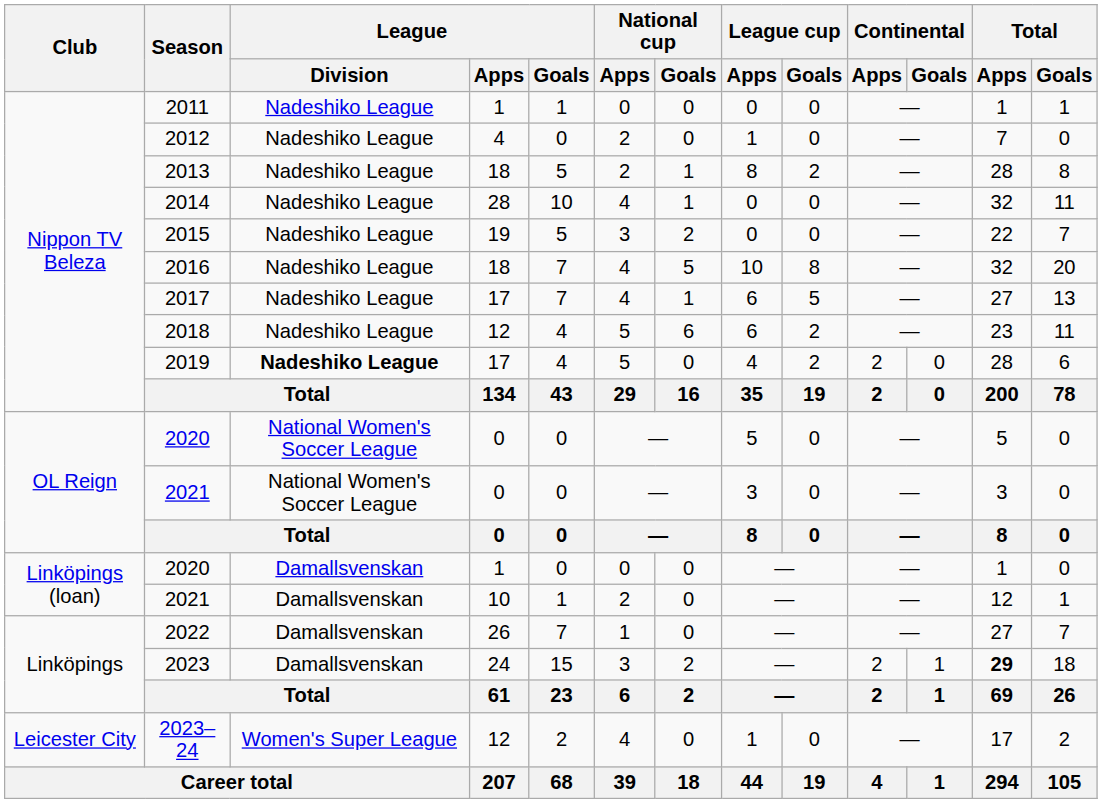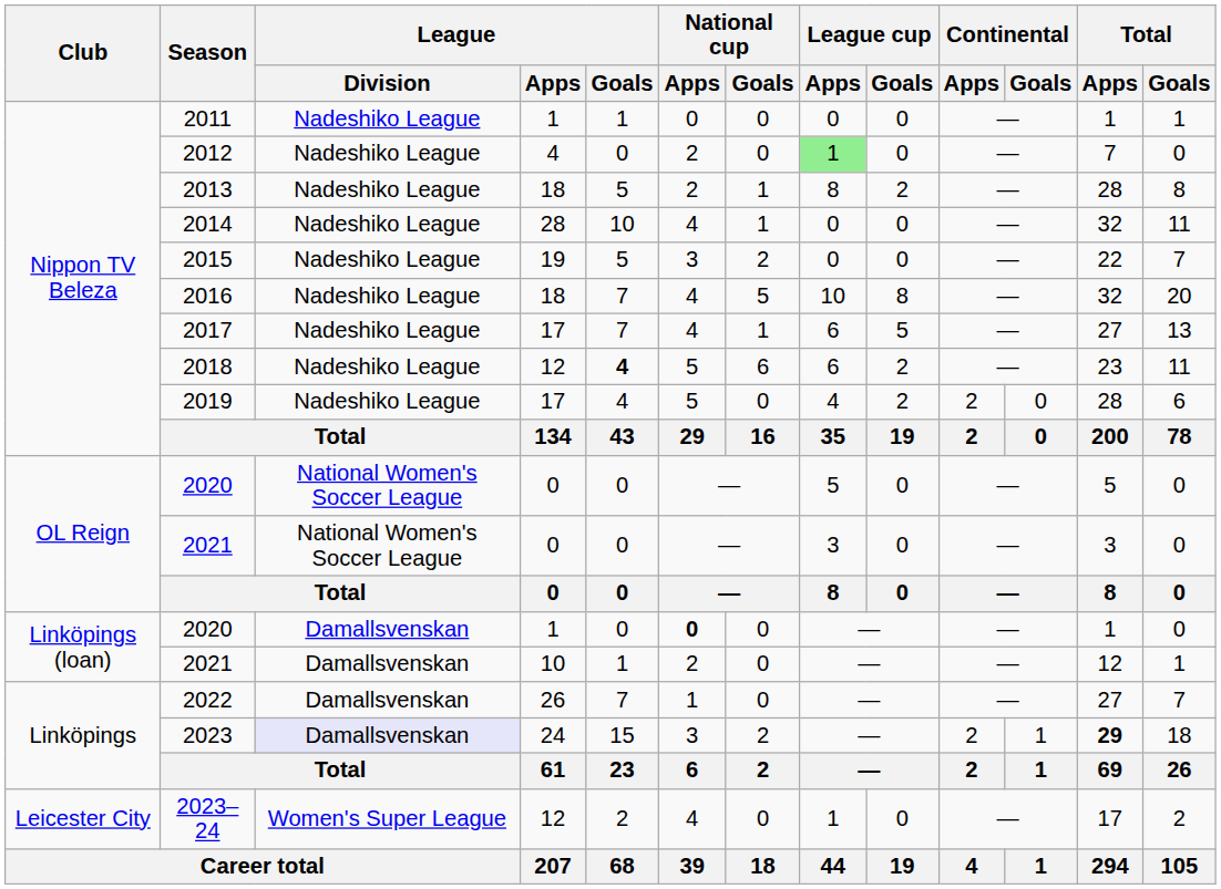 <table class="wikitable" style="text-align:center">
 <tr>
 <th rowspan="2">Club</th>
 <th rowspan="2">Season</th>
 <th colspan="3">League</th>
 <th colspan="2">National cup</th>
 <th colspan="2">League cup</th>
 <th colspan="2">Continental</th>
 <th colspan="2">Total</th>
 </tr>
 <tr>
 <th>Division</th>
 <th>Apps</th>
 <th>Goals</th>
 <th>Apps</th>
 <th>Goals</th>
 <th>Apps</th>
 <th>Goals</th>
 <th>Apps</th>
 <th>Goals</th>
 <th>Apps</th>
 <th>Goals</th>
 </tr>
 <tr>
 <td rowspan="10"><a href='#'>Nippon TV Beleza</a></td>
 <td>2011</td>
 <td><a href='#'>Nadeshiko League</a></td>
 <td>1</td>
 <td>1</td>
 <td>0</td>
 <td>0</td>
 <td>0</td>
 <td>0</td>
 <td colspan="2">—</td>
 <td>1</td>
 <td>1</td>
 </tr>
 <tr>
 <td>2012</td>
 <td>Nadeshiko League</td>
 <td>4</td>
 <td>0</td>
 <td>2</td>
 <td>0</td>
-<td>1</td>
+<td style="background: lightgreen;">1</td>
 <td>0</td>
 <td colspan="2">—</td>
 <td>7</td>
 <td>0</td>
 </tr>
 <tr>
 <td>2013</td>
 <td>Nadeshiko League</td>
 <td>18</td>
 <td>5</td>
 <td>2</td>
 <td>1</td>
 <td>8</td>
 <td>2</td>
 <td colspan="2">—</td>
 <td>28</td>
 <td>8</td>
 </tr>
 <tr>
 <td>2014</td>
 <td>Nadeshiko League</td>
 <td>28</td>
 <td>10</td>
 <td>4</td>
 <td>1</td>
 <td>0</td>
 <td>0</td>
 <td colspan="2">—</td>
 <td>32</td>
 <td>11</td>
 </tr>
 <tr>
 <td>2015</td>
 <td>Nadeshiko League</td>
 <td>19</td>
 <td>5</td>
 <td>3</td>
 <td>2</td>
 <td>0</td>
 <td>0</td>
 <td colspan="2">—</td>
 <td>22</td>
 <td>7</td>
 </tr>
 <tr>
 <td>2016</td>
 <td>Nadeshiko League</td>
 <td>18</td>
 <td>7</td>
 <td>4</td>
 <td>5</td>
 <td>10</td>
 <td>8</td>
 <td colspan="2">—</td>
 <td>32</td>
 <td>20</td>
 </tr>
 <tr>
 <td>2017</td>
 <td>Nadeshiko League</td>
 <td>17</td>
 <td>7</td>
 <td>4</td>
 <td>1</td>
 <td>6</td>
 <td>5</td>
 <td colspan="2">—</td>
 <td>27</td>
 <td>13</td>
 </tr>
 <tr>
 <td>2018</td>
 <td>Nadeshiko League</td>
 <td>12</td>
-<td>4</td>
+<td><strong>4</strong></td>
 <td>5</td>
 <td>6</td>
 <td>6</td>
 <td>2</td>
 <td colspan="2">—</td>
 <td>23</td>
 <td>11</td>
 </tr>
 <tr>
 <td>2019</td>
-<td><strong>Nadeshiko League</strong></td>
+<td>Nadeshiko League</td>
 <td>17</td>
 <td>4</td>
 <td>5</td>
 <td>0</td>
 <td>4</td>
 <td>2</td>
 <td>2</td>
 <td>0</td>
 <td>28</td>
 <td>6</td>
 </tr>
 <tr>
 <th colspan="2">Total</th>
 <th>134</th>
 <th>43</th>
 <th>29</th>
 <th>16</th>
 <th>35</th>
 <th>19</th>
 <th>2</th>
 <th>0</th>
 <th>200</th>
 <th>78</th>
 </tr>
 <tr>
 <td rowspan="3"><a href='#'>OL Reign</a></td>
 <td><a href='#'>2020</a></td>
 <td><a href='#'>National Women's Soccer League</a></td>
 <td>0</td>
 <td>0</td>
 <td colspan="2">—</td>
 <td>5</td>
 <td>0</td>
 <td colspan="2">—</td>
 <td>5</td>
 <td>0</td>
 </tr>
 <tr>
 <td><a href='#'>2021</a></td>
 <td>National Women's Soccer League</td>
 <td>0</td>
 <td>0</td>
 <td colspan="2">—</td>
 <td>3</td>
 <td>0</td>
 <td colspan="2">—</td>
 <td>3</td>
 <td>0</td>
 </tr>
 <tr>
 <th colspan="2">Total</th>
 <th>0</th>
 <th>0</th>
 <th colspan="2">—</th>
 <th>8</th>
 <th>0</th>
 <th colspan="2">—</th>
 <th>8</th>
 <th>0</th>
 </tr>
 <tr>
 <td rowspan="2"><a href='#'>Linköpings</a> (loan)</td>
 <td>2020</td>
 <td><a href='#'>Damallsvenskan</a></td>
 <td>1</td>
 <td>0</td>
-<td>0</td>
+<td><strong>0</strong></td>
 <td>0</td>
 <td colspan="2">—</td>
 <td colspan="2">—</td>
 <td>1</td>
 <td>0</td>
 </tr>
 <tr>
 <td>2021</td>
 <td>Damallsvenskan</td>
 <td>10</td>
 <td>1</td>
 <td>2</td>
 <td>0</td>
 <td colspan="2">—</td>
 <td colspan="2">—</td>
 <td>12</td>
 <td>1</td>
 </tr>
 <tr>
 <td rowspan="3">Linköpings</td>
 <td>2022</td>
 <td>Damallsvenskan</td>
 <td>26</td>
 <td>7</td>
 <td>1</td>
 <td>0</td>
 <td colspan="2">—</td>
 <td colspan="2">—</td>
 <td>27</td>
 <td>7</td>
 </tr>
 <tr>
 <td>2023</td>
-<td>Damallsvenskan</td>
+<td style="background: lavender;">Damallsvenskan</td>
 <td>24</td>
 <td>15</td>
 <td>3</td>
 <td>2</td>
 <td colspan="2">—</td>
 <td>2</td>
 <td>1</td>
 <td><strong>29</strong></td>
 <td>18</td>
 </tr>
 <tr>
 <th colspan="2">Total</th>
 <th>61</th>
 <th>23</th>
 <th>6</th>
 <th>2</th>
 <th colspan="2">—</th>
 <th>2</th>
 <th>1</th>
 <th>69</th>
 <th>26</th>
 </tr>
 <tr>
 <td><a href='#'>Leicester City</a></td>
 <td><a href='#'>2023–24</a></td>
 <td><a href='#'>Women's Super League</a></td>
 <td>12</td>
 <td>2</td>
 <td>4</td>
 <td>0</td>
 <td>1</td>
 <td>0</td>
 <td colspan="2">—</td>
 <td>17</td>
 <td>2</td>
 </tr>
 <tr>
 <th colspan="3">Career total</th>
 <th>207</th>
 <th>68</th>
 <th>39</th>
 <th>18</th>
 <th>44</th>
 <th>19</th>
 <th>4</th>
 <th>1</th>
 <th>294</th>
 <th>105</th>
 </tr>
 </table>
